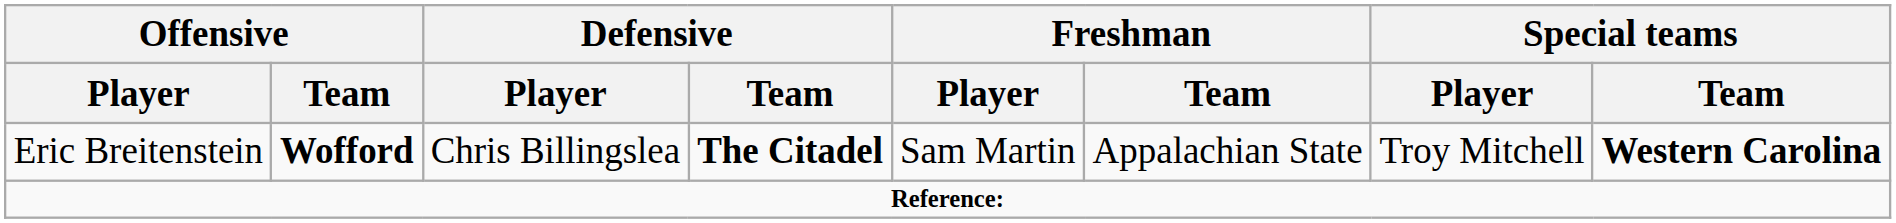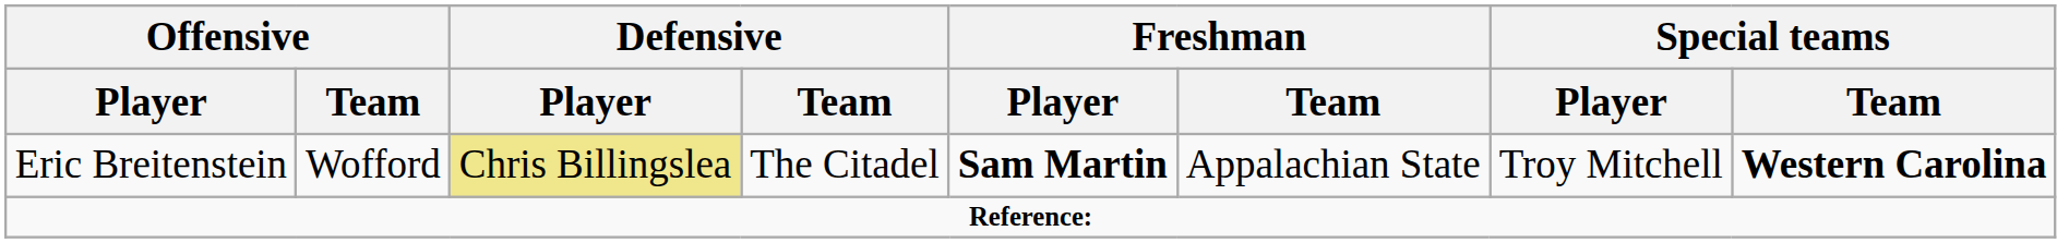 <table class="wikitable" border="1">
 <tr>
 <th colspan="2">Offensive</th>
 <th colspan="2">Defensive</th>
 <th colspan="2">Freshman</th>
 <th colspan="2">Special teams</th>
 </tr>
 <tr>
 <th>Player</th>
 <th>Team</th>
 <th>Player</th>
 <th>Team</th>
 <th>Player</th>
 <th>Team</th>
 <th>Player</th>
 <th>Team</th>
 </tr>
 <tr>
 <td>Eric Breitenstein</td>
-<td><strong>Wofford</strong></td>
-<td>Chris Billingslea</td>
-<td><strong>The Citadel</strong></td>
-<td>Sam Martin</td>
+<td>Wofford</td>
+<td style="background: khaki;">Chris Billingslea</td>
+<td>The Citadel</td>
+<td><strong>Sam Martin</strong></td>
 <td>Appalachian State</td>
 <td>Troy Mitchell</td>
 <td><strong>Western Carolina</strong></td>
 </tr>
 <tr>
 <td colspan="8" style="font-size: 8pt" align="center"><strong>Reference:</strong></td>
 </tr>
 </table>
